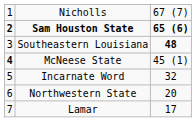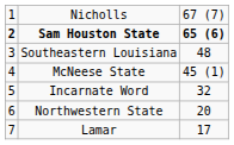 <table class="wikitable">
 <tr align="center">
 <td>1</td>
 <td>Nicholls</td>
 <td>67 (7)</td>
 </tr>
 <tr align="center">
 <td><strong>2</strong></td>
 <td><strong>Sam Houston State</strong></td>
 <td><strong>65 (6)</strong></td>
 </tr>
 <tr align="center">
 <td>3</td>
 <td>Southeastern Louisiana</td>
-<td><strong>48</strong></td>
+<td>48</td>
 </tr>
 <tr align="center">
-<td><strong>4</strong></td>
+<td>4</td>
 <td>McNeese State</td>
 <td>45 (1)</td>
 </tr>
 <tr align="center">
 <td>5</td>
 <td>Incarnate Word</td>
 <td>32</td>
 </tr>
 <tr align="center">
 <td>6</td>
 <td>Northwestern State</td>
 <td>20</td>
 </tr>
 <tr align="center">
 <td>7</td>
 <td>Lamar</td>
 <td>17</td>
 </tr>
 </table>
